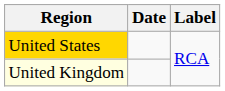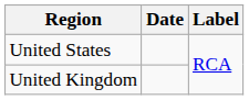 <table class="wikitable">
 <tr>
 <th>Region</th>
 <th>Date</th>
 <th>Label</th>
 </tr>
 <tr>
-<td style="background: gold;">United States</td>
+<td>United States</td>
 <td></td>
 <td rowspan="2"><a href='#'>RCA</a></td>
 </tr>
 <tr>
-<td style="background: lightyellow;">United Kingdom</td>
+<td>United Kingdom</td>
 <td></td>
 </tr>
 </table>
